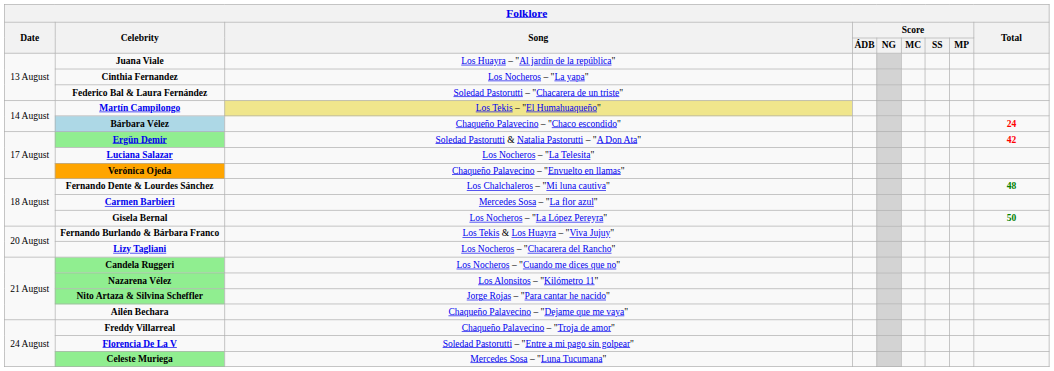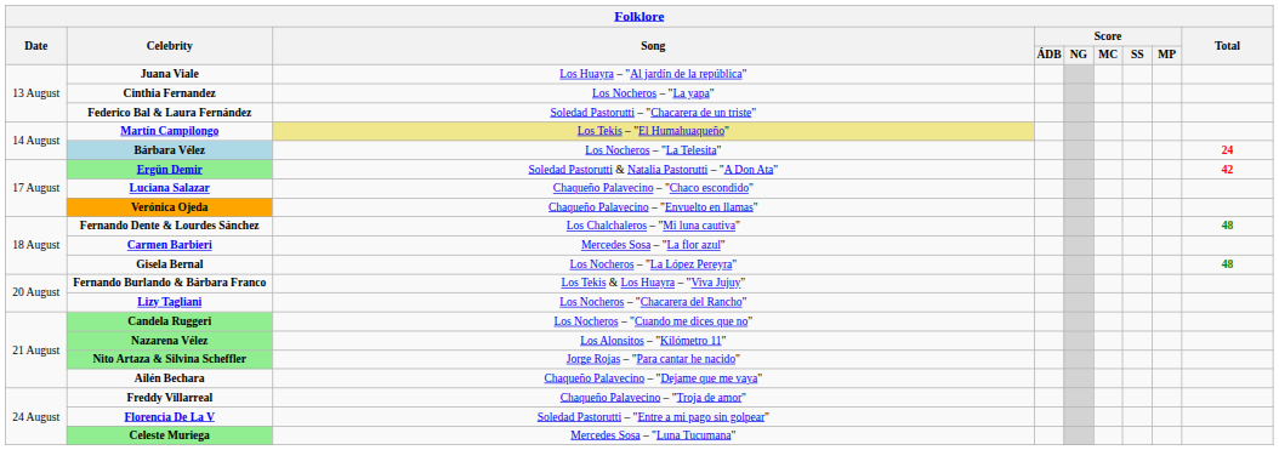 <table class="wikitable collapsible collapsed" style="font-size:90%; text-align: center; width: 100%;">
 <tr>
 <th colspan="11" style="with: 95%;" align=center><big><a href='#'>Folklore</a></big></th>
 </tr>
 <tr>
 <th width=70 rowspan="2">Date</th>
 <th width=250 rowspan="2">Celebrity</th>
 <th rowspan="2">Song</th>
 <th colspan="5">Score</th>
 <th rowspan="2">Total</th>
 </tr>
 <tr>
 <th width=30>ÁDB</th>
 <th width=30>NG</th>
 <th width=30>MC</th>
 <th width=30>SS</th>
 <th width=30>MP</th>
 </tr>
 <tr>
 <td rowspan=3>13 August</td>
 <td><strong>Juana Viale</strong></td>
 <td><a href='#'>Los Huayra</a> – "<a href='#'>Al jardín de la república</a>"</td>
 <td></td>
 <td bgcolor="lightgray"></td>
 <td></td>
 <td></td>
 <td></td>
 <td></td>
 </tr>
 <tr>
 <td><strong>Cinthia Fernandez</strong></td>
 <td><a href='#'>Los Nocheros</a> – "<a href='#'>La yapa</a>"</td>
 <td></td>
 <td bgcolor="lightgray"></td>
 <td></td>
 <td></td>
 <td></td>
 <td></td>
 </tr>
 <tr>
 <td><strong>Federico Bal & Laura Fernández</strong></td>
 <td><a href='#'>Soledad Pastorutti</a> – "<a href='#'>Chacarera de un triste</a>"</td>
 <td></td>
 <td bgcolor="lightgray"></td>
 <td></td>
 <td></td>
 <td></td>
 <td></td>
 </tr>
 <tr>
 <td rowspan=2>14 August</td>
 <td><strong><a href='#'>Martín Campilongo</a></strong></td>
 <td style="background: khaki;"><a href='#'>Los Tekis</a> – "<a href='#'>El Humahuaqueño</a>"</td>
 <td></td>
 <td bgcolor="lightgray"></td>
 <td></td>
 <td></td>
 <td></td>
 <td></td>
 </tr>
 <tr>
 <td style="background:lightblue;"><strong>Bárbara Vélez</strong></td>
-<td><a href='#'>Chaqueño Palavecino</a> – "<a href='#'>Chaco escondido</a>"</td>
+<td><a href='#'>Los Nocheros</a> – "<a href='#'>La Telesita</a>"</td>
 <td></td>
 <td bgcolor="lightgray"></td>
 <td></td>
 <td></td>
 <td></td>
 <td style="text-align:center; color:red;"><strong>24</strong></td>
 </tr>
 <tr>
 <td rowspan=3>17 August</td>
 <td style="background:lightgreen;"><strong><a href='#'>Ergün Demir</a></strong></td>
 <td><a href='#'>Soledad Pastorutti</a> & <a href='#'>Natalia Pastorutti</a> – "<a href='#'>A Don Ata</a>"</td>
 <td></td>
 <td bgcolor="lightgray"></td>
 <td></td>
 <td></td>
 <td></td>
 <td style="text-align:center; color:red;"><strong>42</strong></td>
 </tr>
 <tr>
 <td><strong><a href='#'>Luciana Salazar</a></strong></td>
-<td><a href='#'>Los Nocheros</a> – "<a href='#'>La Telesita</a>"</td>
+<td><a href='#'>Chaqueño Palavecino</a> – "<a href='#'>Chaco escondido</a>"</td>
 <td></td>
 <td bgcolor="lightgray"></td>
 <td></td>
 <td></td>
 <td></td>
 <td></td>
 </tr>
 <tr>
 <td style="background:Orange;"><strong>Verónica Ojeda</strong></td>
 <td><a href='#'>Chaqueño Palavecino</a> – "<a href='#'>Envuelto en llamas</a>"</td>
 <td></td>
 <td bgcolor="lightgray"></td>
 <td></td>
 <td></td>
 <td></td>
 <td></td>
 </tr>
 <tr>
 <td rowspan=3>18 August</td>
 <td><strong>Fernando Dente & Lourdes Sánchez</strong></td>
 <td><a href='#'>Los Chalchaleros</a> – "<a href='#'>Mi luna cautiva</a>"</td>
 <td></td>
 <td bgcolor="lightgray"></td>
 <td></td>
 <td></td>
 <td></td>
 <td style="text-align:center; color:green;"><strong>48</strong></td>
 </tr>
 <tr>
 <td><strong><a href='#'>Carmen Barbieri</a></strong></td>
 <td><a href='#'>Mercedes Sosa</a> – "<a href='#'>La flor azul</a>"</td>
 <td></td>
 <td bgcolor="lightgray"></td>
 <td></td>
 <td></td>
 <td></td>
 <td></td>
 </tr>
 <tr>
 <td><strong>Gisela Bernal</strong></td>
 <td><a href='#'>Los Nocheros</a> – "<a href='#'>La López Pereyra</a>"</td>
 <td></td>
 <td bgcolor="lightgray"></td>
 <td></td>
 <td></td>
 <td></td>
-<td style="text-align:center; color:green;"><strong>50</strong></td>
+<td style="text-align:center; color:green;"><strong>48</strong></td>
 </tr>
 <tr>
 <td rowspan=2>20 August</td>
 <td><strong>Fernando Burlando & Bárbara Franco</strong></td>
 <td><a href='#'>Los Tekis</a> & <a href='#'>Los Huayra</a> – "<a href='#'>Viva Jujuy</a>"</td>
 <td></td>
 <td bgcolor="lightgray"></td>
 <td></td>
 <td></td>
 <td></td>
 <td></td>
 </tr>
 <tr>
 <td><strong><a href='#'>Lizy Tagliani</a></strong></td>
 <td><a href='#'>Los Nocheros</a> – "<a href='#'>Chacarera del Rancho</a>"</td>
 <td></td>
 <td bgcolor="lightgray"></td>
 <td></td>
 <td></td>
 <td></td>
 <td></td>
 </tr>
 <tr>
 <td rowspan=4>21 August</td>
 <td style="background:lightgreen;"><strong>Candela Ruggeri</strong></td>
 <td><a href='#'>Los Nocheros</a> – "<a href='#'>Cuando me dices que no</a>"</td>
 <td></td>
 <td bgcolor="lightgray"></td>
 <td></td>
 <td></td>
 <td></td>
 <td></td>
 </tr>
 <tr>
 <td style="background:lightgreen;"><strong>Nazarena Vélez</strong></td>
 <td><a href='#'>Los Alonsitos</a> – "<a href='#'>Kilómetro 11</a>"</td>
 <td></td>
 <td bgcolor="lightgray"></td>
 <td></td>
 <td></td>
 <td></td>
 <td></td>
 </tr>
 <tr>
 <td style="background:lightgreen;"><strong>Nito Artaza & Silvina Scheffler</strong></td>
 <td><a href='#'>Jorge Rojas</a> – "<a href='#'>Para cantar he nacido</a>"</td>
 <td></td>
 <td bgcolor="lightgray"></td>
 <td></td>
 <td></td>
 <td></td>
 <td></td>
 </tr>
 <tr>
 <td><strong>Ailén Bechara</strong></td>
 <td><a href='#'>Chaqueño Palavecino</a> – "<a href='#'>Dejame que me vaya</a>"</td>
 <td></td>
 <td bgcolor="lightgray"></td>
 <td></td>
 <td></td>
 <td></td>
 <td></td>
 </tr>
 <tr>
 <td rowspan=3>24 August</td>
 <td><strong>Freddy Villarreal</strong></td>
 <td><a href='#'>Chaqueño Palavecino</a> – "<a href='#'>Troja de amor</a>"</td>
 <td></td>
 <td bgcolor="lightgray"></td>
 <td></td>
 <td></td>
 <td></td>
 <td></td>
 </tr>
 <tr>
 <td><strong><a href='#'>Florencia De La V</a></strong></td>
 <td><a href='#'>Soledad Pastorutti</a> – "<a href='#'>Entre a mi pago sin golpear</a>"</td>
 <td></td>
 <td bgcolor="lightgray"></td>
 <td></td>
 <td></td>
 <td></td>
 <td></td>
 </tr>
 <tr>
 <td style="background:lightgreen;"><strong>Celeste Muriega</strong></td>
 <td><a href='#'>Mercedes Sosa</a> – "<a href='#'>Luna Tucumana</a>"</td>
 <td></td>
 <td bgcolor="lightgray"></td>
 <td></td>
 <td></td>
 <td></td>
 <td></td>
 </tr>
 </table>
